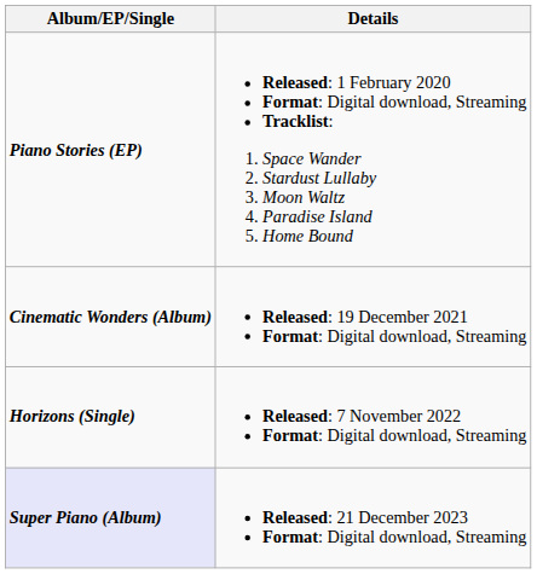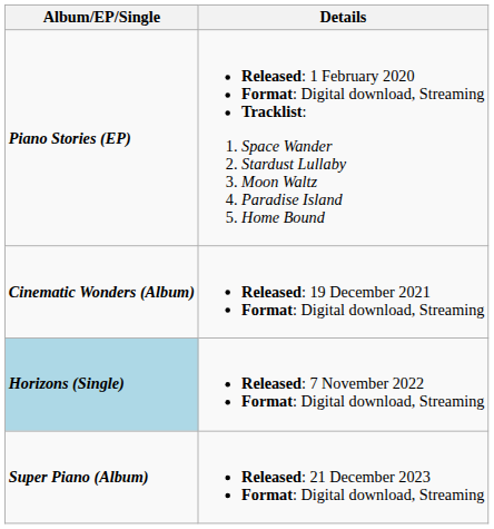 <table class="wikitable">
 <tr>
 <th>Album/EP/Single</th>
 <th>Details</th>
 </tr>
 <tr>
 <td><strong><em>Piano Stories (EP)</em></strong></td>
 <td><br><ul><li><strong>Released</strong>: 1 February 2020</li><li><strong>Format</strong>: Digital download, Streaming</li><li><strong>Tracklist</strong>:</li></ul><ol><li><em>Space Wander</em></li><li><em>Stardust Lullaby</em></li><li><em>Moon Waltz</em></li><li><em>Paradise Island</em></li><li><em>Home Bound</em> </li></ol></td>
 </tr>
 <tr>
 <td><strong><em>Cinematic Wonders (Album)</em></strong></td>
 <td><br><ul><li><strong>Released</strong>: 19 December 2021</li><li><strong>Format</strong>: Digital download, Streaming </li></ul></td>
 </tr>
 <tr>
-<td><strong><em>Horizons (Single)</em></strong></td>
+<td style="background: lightblue;"><strong><em>Horizons (Single)</em></strong></td>
 <td><br><ul><li><strong>Released</strong>: 7 November 2022</li><li><strong>Format</strong>: Digital download, Streaming </li></ul></td>
 </tr>
 <tr>
-<td style="background: lavender;"><strong><em>Super Piano (Album)</em></strong></td>
+<td><strong><em>Super Piano (Album)</em></strong></td>
 <td><br><ul><li><strong>Released</strong>: 21 December 2023</li><li><strong>Format</strong>: Digital download, Streaming </li></ul></td>
 </tr>
 </table>
